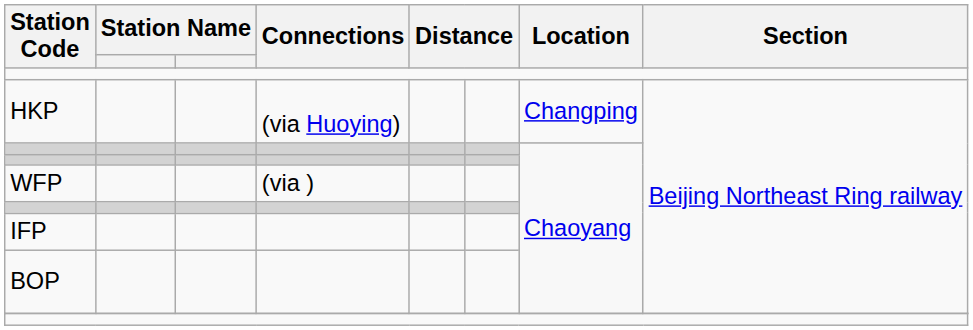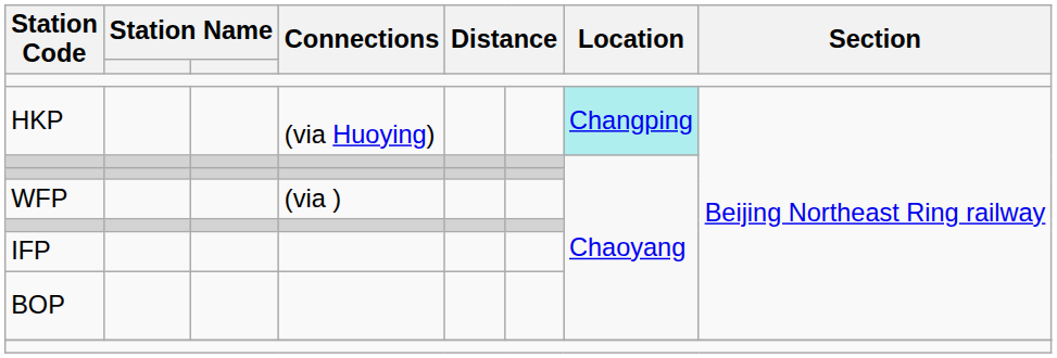 <table class="wikitable">
 <tr>
 <th rowspan="2">Station<br>Code</th>
 <th colspan="2">Station Name</th>
 <th rowspan="2">Connections</th>
 <th colspan="2" rowspan="2">Distance<br></th>
 <th rowspan="2">Location</th>
 <th rowspan="2">Section</th>
 </tr>
 <tr>
 <th></th>
 <th></th>
 </tr>
 <tr style="background:#">
 <td colspan = "8"></td>
 </tr>
 <tr>
 <td>HKP</td>
 <td></td>
 <td></td>
 <td><br>   (via <a href='#'>Huoying</a>)</td>
 <td></td>
 <td></td>
-<td><a href='#'>Changping</a></td>
+<td style="background: paleturquoise;"><a href='#'>Changping</a></td>
 <td rowspan="7"><a href='#'>Beijing Northeast Ring railway</a></td>
 </tr>
 <tr bgcolor="lightgrey">
 <td></td>
 <td><em></em></td>
 <td></td>
 <td>  </td>
 <td></td>
 <td></td>
 <td bgcolor = #F8F8F8 rowspan="6"><a href='#'>Chaoyang</a></td>
 </tr>
 <tr bgcolor="lightgrey">
 <td></td>
 <td><em></em></td>
 <td></td>
 <td> </td>
 <td></td>
 <td></td>
 </tr>
 <tr>
 <td>WFP</td>
 <td></td>
 <td></td>
 <td>  (via )</td>
 <td></td>
 <td></td>
 </tr>
 <tr bgcolor="lightgrey">
 <td></td>
 <td><em></em></td>
 <td></td>
 <td> </td>
 <td></td>
 <td></td>
 </tr>
 <tr>
 <td>IFP</td>
 <td></td>
 <td></td>
 <td><br> </td>
 <td></td>
 <td></td>
 </tr>
 <tr>
 <td>BOP</td>
 <td><br></td>
 <td></td>
 <td><br><br> </td>
 <td></td>
 <td></td>
 </tr>
 <tr>
 </tr>
 <tr style="background:#">
 <td colspan = "8"></td>
 </tr>
 </table>
